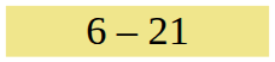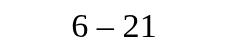 <table style="text-align:center">
 <tr>
 <th width=200></th>
 <th width=100></th>
 <th width=200></th>
 </tr>
 <tr>
 <td align=right></td>
-<td style="background: khaki;">6 – 21</td>
+<td>6 – 21</td>
 <td align=left><strong></strong></td>
 </tr>
 </table>
